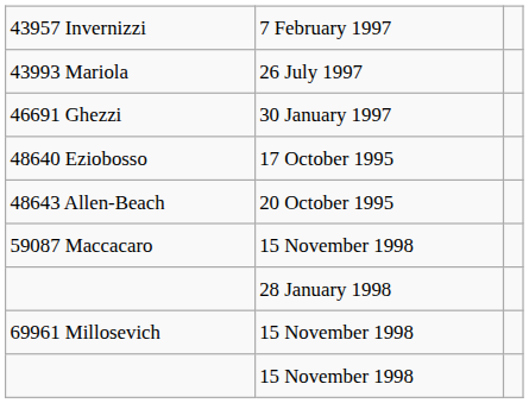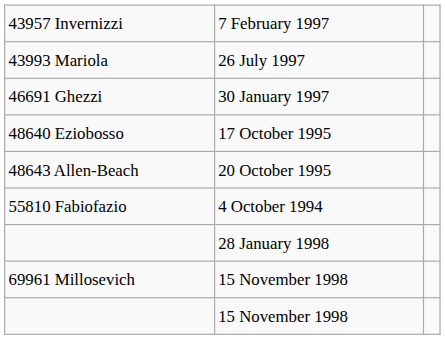 <table class="wikitable" style="font-size: 89%; float: left; width: 26em; margin-right: 1em; height: 280px;">
 <tr>
 <td>43957 Invernizzi</td>
 <td>7 February 1997</td>
 <td> </td>
 </tr>
 <tr>
 <td>43993 Mariola</td>
 <td>26 July 1997</td>
 <td> </td>
 </tr>
 <tr>
 <td>46691 Ghezzi</td>
 <td>30 January 1997</td>
 <td> </td>
 </tr>
 <tr>
 <td>48640 Eziobosso</td>
 <td>17 October 1995</td>
 <td> </td>
 </tr>
 <tr>
 <td>48643 Allen-Beach</td>
 <td>20 October 1995</td>
 <td> </td>
 </tr>
 <tr>
-<td>59087 Maccacaro</td>
-<td>15 November 1998</td>
+<td>55810 Fabiofazio</td>
+<td>4 October 1994</td>
 <td> </td>
 </tr>
 <tr>
 <td></td>
 <td>28 January 1998</td>
 <td> </td>
 </tr>
 <tr>
 <td>69961 Millosevich</td>
 <td>15 November 1998</td>
 <td> </td>
 </tr>
 <tr>
 <td></td>
 <td>15 November 1998</td>
 <td> </td>
 </tr>
 </table>
